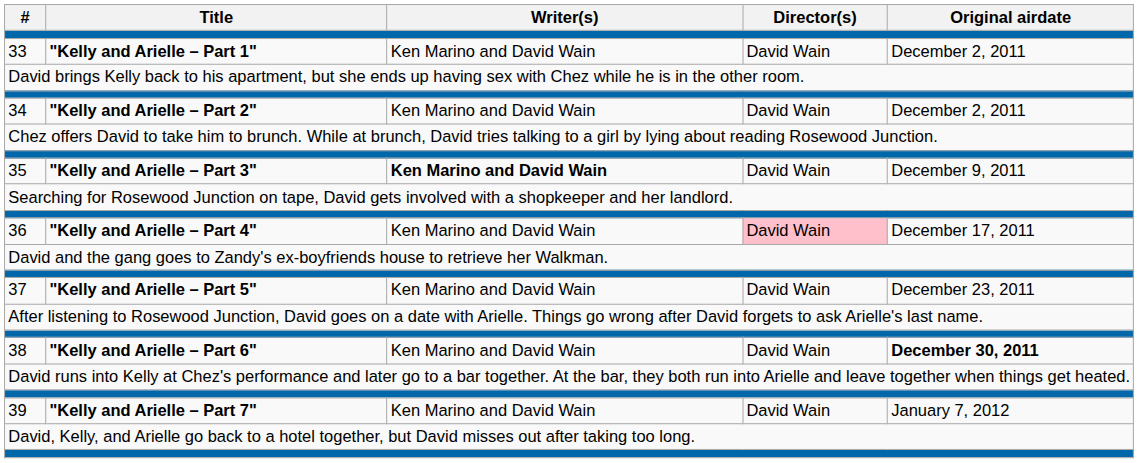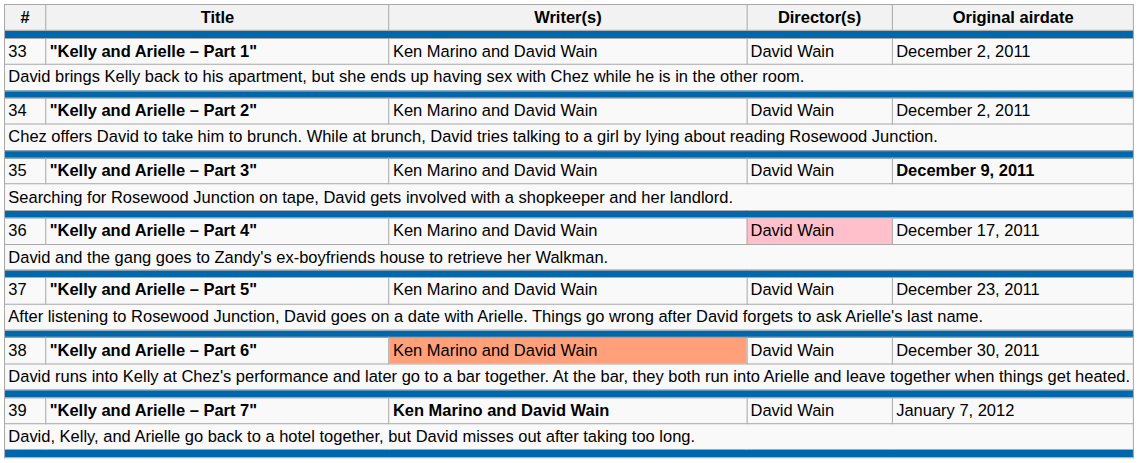 <table class="wikitable">
 <tr>
 <th>#</th>
 <th>Title</th>
 <th>Writer(s)</th>
 <th>Director(s)</th>
 <th>Original airdate</th>
 </tr>
 <tr>
 <td colspan="6" bgcolor="0067AA"></td>
 </tr>
 <tr>
 <td>33</td>
 <td><strong>"Kelly and Arielle – Part 1"</strong></td>
 <td>Ken Marino and David Wain</td>
 <td>David Wain</td>
 <td>December 2, 2011</td>
 </tr>
 <tr>
 <td colspan="6">David brings Kelly back to his apartment, but she ends up having sex with Chez while he is in the other room.</td>
 </tr>
 <tr>
 <td colspan="6" bgcolor="#0067AA"></td>
 </tr>
 <tr>
 <td>34</td>
 <td><strong>"Kelly and Arielle – Part 2"</strong></td>
 <td>Ken Marino and David Wain</td>
 <td>David Wain</td>
 <td>December 2, 2011</td>
 </tr>
 <tr>
 <td colspan="6">Chez offers David to take him to brunch.  While at brunch, David tries talking to a girl by lying about reading Rosewood Junction.</td>
 </tr>
 <tr>
 <td colspan="6" bgcolor="#0067AA"></td>
 </tr>
 <tr>
 <td>35</td>
 <td><strong>"Kelly and Arielle – Part 3"</strong></td>
-<td><strong>Ken Marino and David Wain</strong></td>
+<td>Ken Marino and David Wain</td>
 <td>David Wain</td>
-<td>December 9, 2011</td>
+<td><strong>December 9, 2011</strong></td>
 </tr>
 <tr>
 <td colspan="6">Searching for Rosewood Junction on tape, David gets involved with a shopkeeper and her landlord.</td>
 </tr>
 <tr>
 <td colspan="6" bgcolor="#0067AA"></td>
 </tr>
 <tr>
 <td>36</td>
 <td><strong>"Kelly and Arielle – Part 4"</strong></td>
 <td>Ken Marino and David Wain</td>
 <td style="background: pink;">David Wain</td>
 <td>December 17, 2011</td>
 </tr>
 <tr>
 <td colspan="6">David and the gang goes to Zandy's ex-boyfriends house to retrieve her Walkman.</td>
 </tr>
 <tr>
 <td colspan="6" bgcolor="#0067AA"></td>
 </tr>
 <tr>
 <td>37</td>
 <td><strong>"Kelly and Arielle – Part 5"</strong></td>
 <td>Ken Marino and David Wain</td>
 <td>David Wain</td>
 <td>December 23, 2011</td>
 </tr>
 <tr>
 <td colspan="6">After listening to Rosewood Junction, David goes on a date with Arielle.  Things go wrong after David forgets to ask Arielle's last name.</td>
 </tr>
 <tr>
 <td colspan="6" bgcolor="#0067AA"></td>
 </tr>
 <tr>
 <td>38</td>
 <td><strong>"Kelly and Arielle – Part 6"</strong></td>
-<td>Ken Marino and David Wain</td>
+<td style="background: lightsalmon;">Ken Marino and David Wain</td>
 <td>David Wain</td>
-<td><strong>December 30, 2011</strong></td>
+<td>December 30, 2011</td>
 </tr>
 <tr>
 <td colspan="6">David runs into Kelly at Chez's performance and later go to a bar together.  At the bar, they both run into Arielle and leave together when things get heated.</td>
 </tr>
 <tr>
 <td colspan="6" bgcolor="#0067AA"></td>
 </tr>
 <tr>
 <td>39</td>
 <td><strong>"Kelly and Arielle – Part 7"</strong></td>
-<td>Ken Marino and David Wain</td>
+<td><strong>Ken Marino and David Wain</strong></td>
 <td>David Wain</td>
 <td>January 7, 2012</td>
 </tr>
 <tr>
 <td colspan="6">David, Kelly, and Arielle go back to a hotel together, but David misses out after taking too long.</td>
 </tr>
 <tr>
 <td colspan="6" bgcolor="#0067AA"></td>
 </tr>
 </table>
